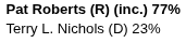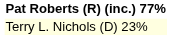 <table>
 <tr>
 <td><strong>Pat Roberts (R) (inc.) 77%</strong></td>
 </tr>
 <tr>
-<td>Terry L. Nichols (D) 23%</td>
+<td style="background: lightyellow;">Terry L. Nichols (D) 23%</td>
 </tr>
 </table>
